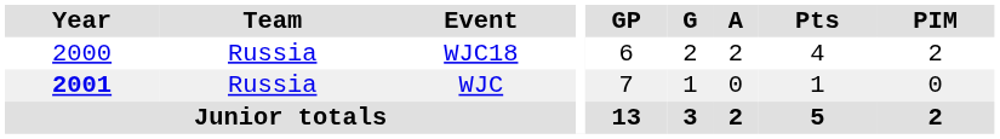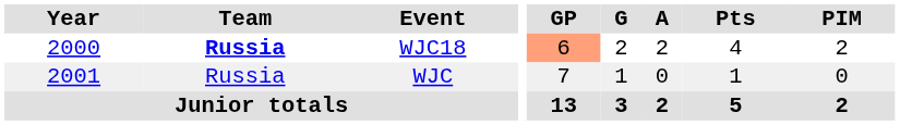 <table border="0" cellpadding="1" cellspacing="0" ID="Table3" style="text-align:center; width:40em">
 <tr ALIGN="center" bgcolor="#e0e0e0">
 <th>Year</th>
 <th>Team</th>
 <th>Event</th>
 <th rowspan="99" bgcolor="#ffffff"></th>
 <th>GP</th>
 <th>G</th>
 <th>A</th>
 <th>Pts</th>
 <th>PIM</th>
 </tr>
 <tr>
 <td><a href='#'>2000</a></td>
-<td><a href='#'>Russia</a></td>
+<td><strong><a href='#'>Russia</a></strong></td>
 <td><a href='#'>WJC18</a></td>
-<td>6</td>
+<td style="background: lightsalmon;">6</td>
 <td>2</td>
 <td>2</td>
 <td>4</td>
 <td>2</td>
 </tr>
 <tr bgcolor="#f0f0f0">
-<td><strong><a href='#'>2001</a></strong></td>
+<td><a href='#'>2001</a></td>
 <td><a href='#'>Russia</a></td>
 <td><a href='#'>WJC</a></td>
 <td>7</td>
 <td>1</td>
 <td>0</td>
 <td>1</td>
 <td>0</td>
 </tr>
 <tr bgcolor="#e0e0e0">
 <th colspan="3">Junior totals</th>
 <th>13</th>
 <th>3</th>
 <th>2</th>
 <th>5</th>
 <th>2</th>
 </tr>
 </table>
